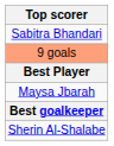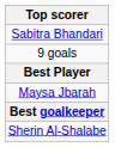 <table class="wikitable" style="text-align:center">
 <tr>
 <th colspan="3">Top scorer</th>
 </tr>
 <tr>
 <td colspan="3"> <a href='#'>Sabitra Bhandari</a></td>
 </tr>
 <tr>
-<td style="background: lightsalmon;">9 goals</td>
+<td>9 goals</td>
 </tr>
 <tr>
 <th colspan="3">Best Player</th>
 </tr>
 <tr>
 <td colspan="3"> <a href='#'>Maysa Jbarah</a></td>
 </tr>
 <tr>
 <th colspan="3">Best <a href='#'>goalkeeper</a></th>
 </tr>
 <tr>
 <td colspan="3"> <a href='#'>Sherin Al-Shalabe</a></td>
 </tr>
 </table>
